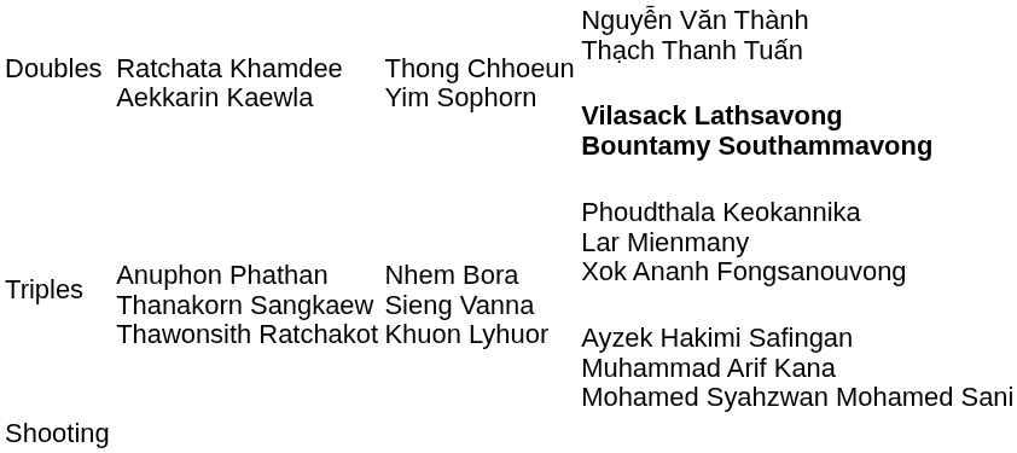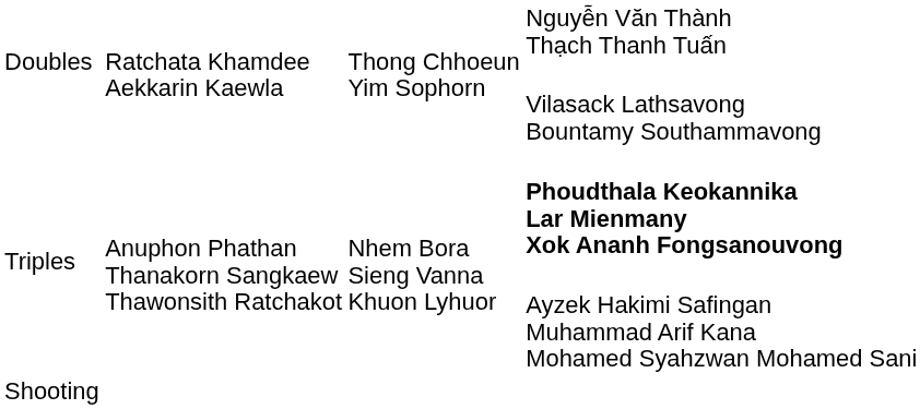 <table>
 <tr>
 <td rowspan=2>Doubles</td>
 <td rowspan=2><br>Ratchata Khamdee<br>Aekkarin Kaewla</td>
 <td rowspan=2><br>Thong Chhoeun<br>Yim Sophorn</td>
 <td><br>Nguyễn Văn Thành<br>Thạch Thanh Tuấn</td>
 </tr>
 <tr>
-<td><strong><br>Vilasack Lathsavong<br>Bountamy Southammavong</strong></td>
+<td><br>Vilasack Lathsavong<br>Bountamy Southammavong</td>
 </tr>
 <tr>
 <td rowspan=2>Triples</td>
 <td rowspan=2 nowrap><br>Anuphon Phathan<br>Thanakorn Sangkaew<br>Thawonsith Ratchakot</td>
 <td rowspan=2><br>Nhem Bora<br>Sieng Vanna<br>Khuon Lyhuor</td>
-<td><br>Phoudthala Keokannika<br>Lar Mienmany<br>Xok Ananh Fongsanouvong</td>
+<td><strong><br>Phoudthala Keokannika<br>Lar Mienmany<br>Xok Ananh Fongsanouvong</strong></td>
 </tr>
 <tr>
 <td nowrap><br>Ayzek Hakimi Safingan<br>Muhammad Arif Kana<br>Mohamed Syahzwan Mohamed Sani</td>
 </tr>
 <tr>
 <td rowspan=2>Shooting</td>
 <td rowspan=2></td>
 <td rowspan=2 nowrap></td>
 <td></td>
 </tr>
 <tr>
 <td></td>
 </tr>
 <tr>
 </tr>
 </table>
